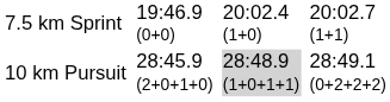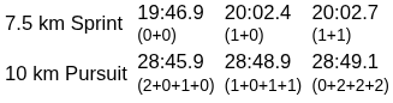 <table>
 <tr>
 <td>7.5 km Sprint</td>
 <td></td>
 <td>19:46.9<br><small>(0+0)</small></td>
 <td></td>
 <td>20:02.4<br><small>(1+0)</small></td>
 <td></td>
 <td>20:02.7<br><small>(1+1)</small></td>
 </tr>
 <tr>
 <td>10 km Pursuit</td>
 <td></td>
 <td>28:45.9<br><small>(2+0+1+0)</small></td>
 <td></td>
-<td style="background: lightgrey;">28:48.9<br><small>(1+0+1+1)</small></td>
+<td>28:48.9<br><small>(1+0+1+1)</small></td>
 <td></td>
 <td>28:49.1<br><small>(0+2+2+2)</small></td>
 </tr>
 </table>
